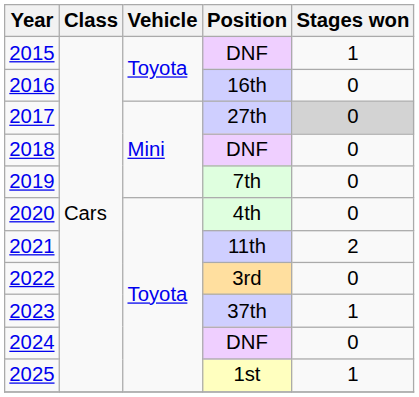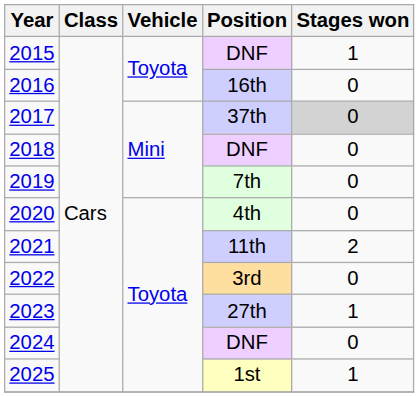 <table class="wikitable">
 <tr>
 <th>Year</th>
 <th>Class</th>
 <th>Vehicle</th>
 <th>Position</th>
 <th>Stages won</th>
 </tr>
 <tr>
 <td><a href='#'>2015</a></td>
 <td rowspan=11>Cars</td>
 <td rowspan=2> <a href='#'>Toyota</a></td>
 <td align="center" style="background:#EFCFFF;">DNF</td>
 <td align="center">1</td>
 </tr>
 <tr>
 <td><a href='#'>2016</a></td>
 <td align="center" style="background:#CFCFFF;">16th</td>
 <td align="center">0</td>
 </tr>
 <tr>
 <td><a href='#'>2017</a></td>
 <td rowspan=3> <a href='#'>Mini</a></td>
-<td align="center" style="background:#CFCFFF;">27th</td>
+<td align="center" style="background:#CFCFFF;">37th</td>
 <td align="center" style="background: lightgrey;">0</td>
 </tr>
 <tr>
 <td><a href='#'>2018</a></td>
 <td align="center" style="background:#EFCFFF;">DNF</td>
 <td align="center">0</td>
 </tr>
 <tr>
 <td><a href='#'>2019</a></td>
 <td align="center" style="background:#DFFFDF;">7th</td>
 <td align="center">0</td>
 </tr>
 <tr>
 <td><a href='#'>2020</a></td>
 <td rowspan=6> <a href='#'>Toyota</a></td>
 <td align="center" style="background:#DFFFDF;">4th</td>
 <td align="center">0</td>
 </tr>
 <tr>
 <td><a href='#'>2021</a></td>
 <td align="center" style="background:#CFCFFF;">11th</td>
 <td align="center">2</td>
 </tr>
 <tr>
 <td><a href='#'>2022</a></td>
 <td align="center" style="background:#FFDF9F;">3rd</td>
 <td align="center">0</td>
 </tr>
 <tr>
 <td><a href='#'>2023</a></td>
-<td align="center" style="background:#CFCFFF;">37th</td>
+<td align="center" style="background:#CFCFFF;">27th</td>
 <td align="center">1</td>
 </tr>
 <tr>
 <td><a href='#'>2024</a></td>
 <td align="center" style="background:#EFCFFF;">DNF</td>
 <td align="center">0</td>
 </tr>
 <tr>
 <td><a href='#'>2025</a></td>
 <td align="center" style="background:#ffffbf;">1st</td>
 <td align="center">1</td>
 </tr>
 <tr>
 </tr>
 </table>
